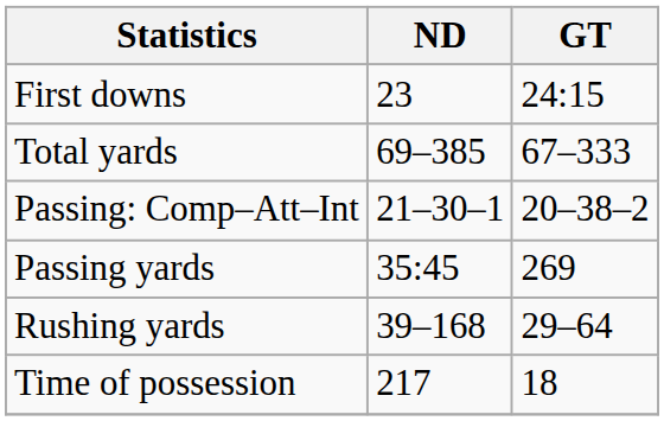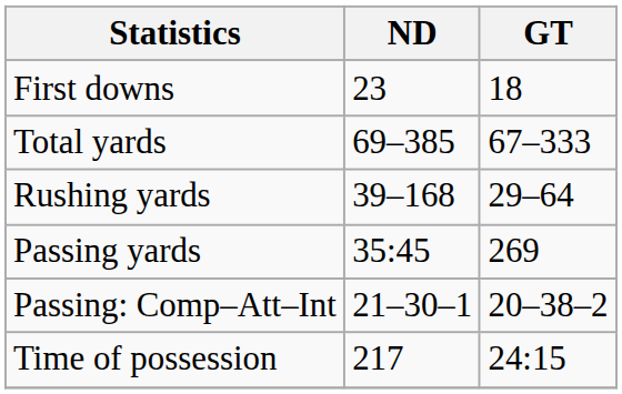 <table class="wikitable" style="float: left;">
 <tr>
 <th>Statistics</th>
 <th>ND</th>
 <th>GT</th>
 </tr>
 <tr>
 <td>First downs</td>
 <td>23</td>
-<td>24:15</td>
+<td>18</td>
 </tr>
 <tr>
 <td>Total yards</td>
 <td>69–385</td>
 <td>67–333</td>
 </tr>
 <tr>
-<td>Passing: Comp–Att–Int</td>
-<td>21–30–1</td>
-<td>20–38–2</td>
+<td>Rushing yards</td>
+<td>39–168</td>
+<td>29–64</td>
 </tr>
 <tr>
 <td>Passing yards</td>
 <td>35:45</td>
 <td>269</td>
 </tr>
 <tr>
-<td>Rushing yards</td>
-<td>39–168</td>
-<td>29–64</td>
+<td>Passing: Comp–Att–Int</td>
+<td>21–30–1</td>
+<td>20–38–2</td>
 </tr>
 <tr>
 <td>Time of possession</td>
 <td>217</td>
-<td>18</td>
+<td>24:15</td>
 </tr>
 <tr>
 </tr>
 </table>
